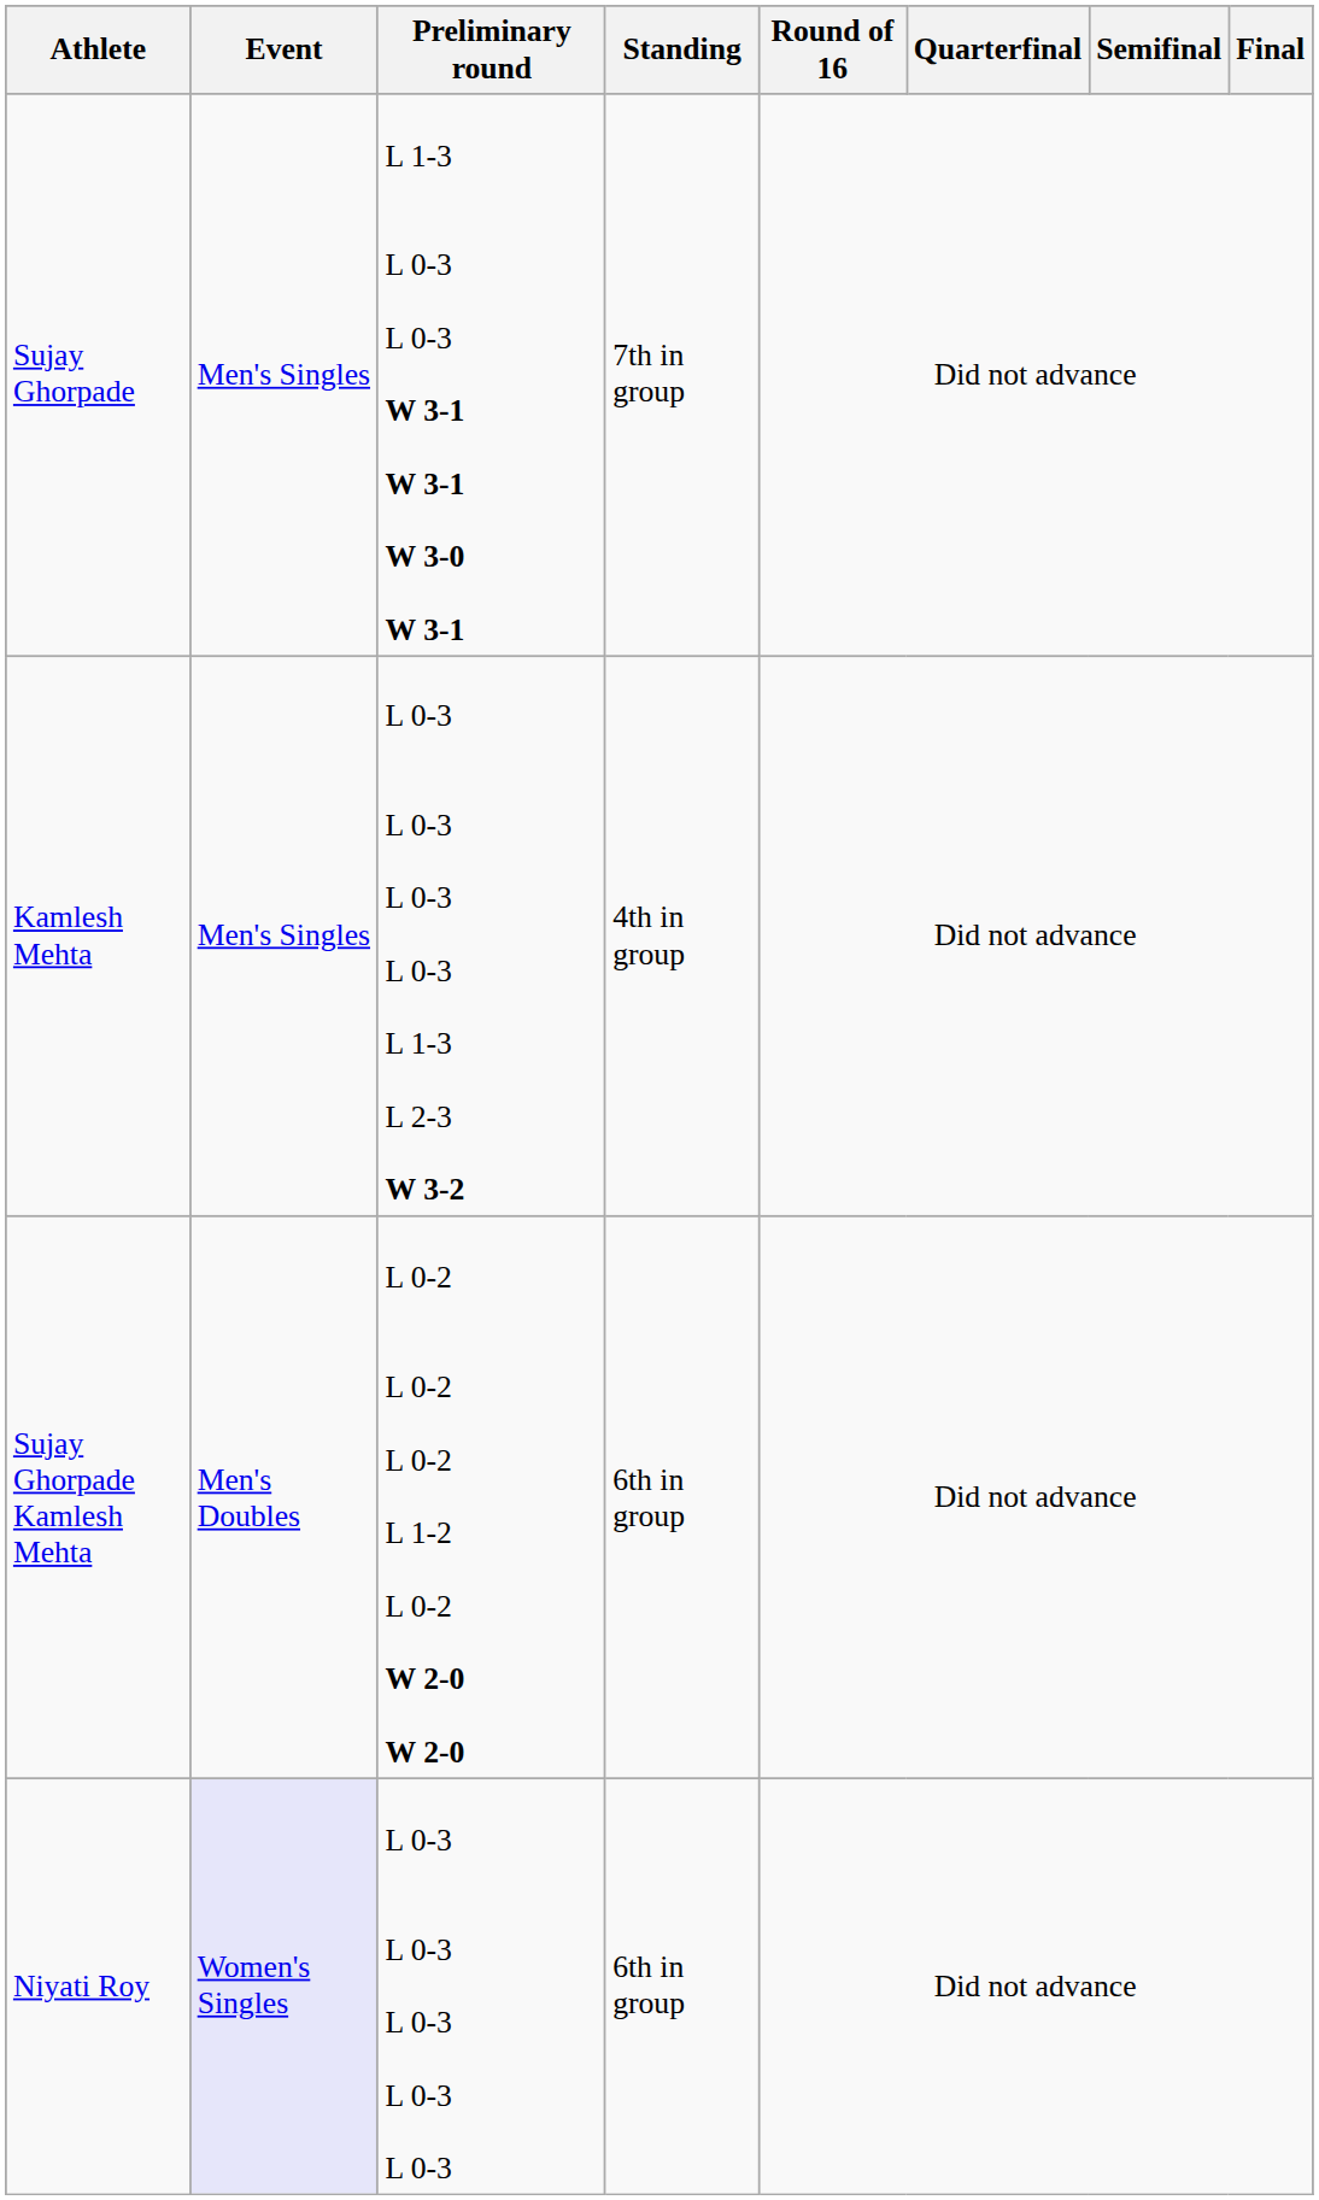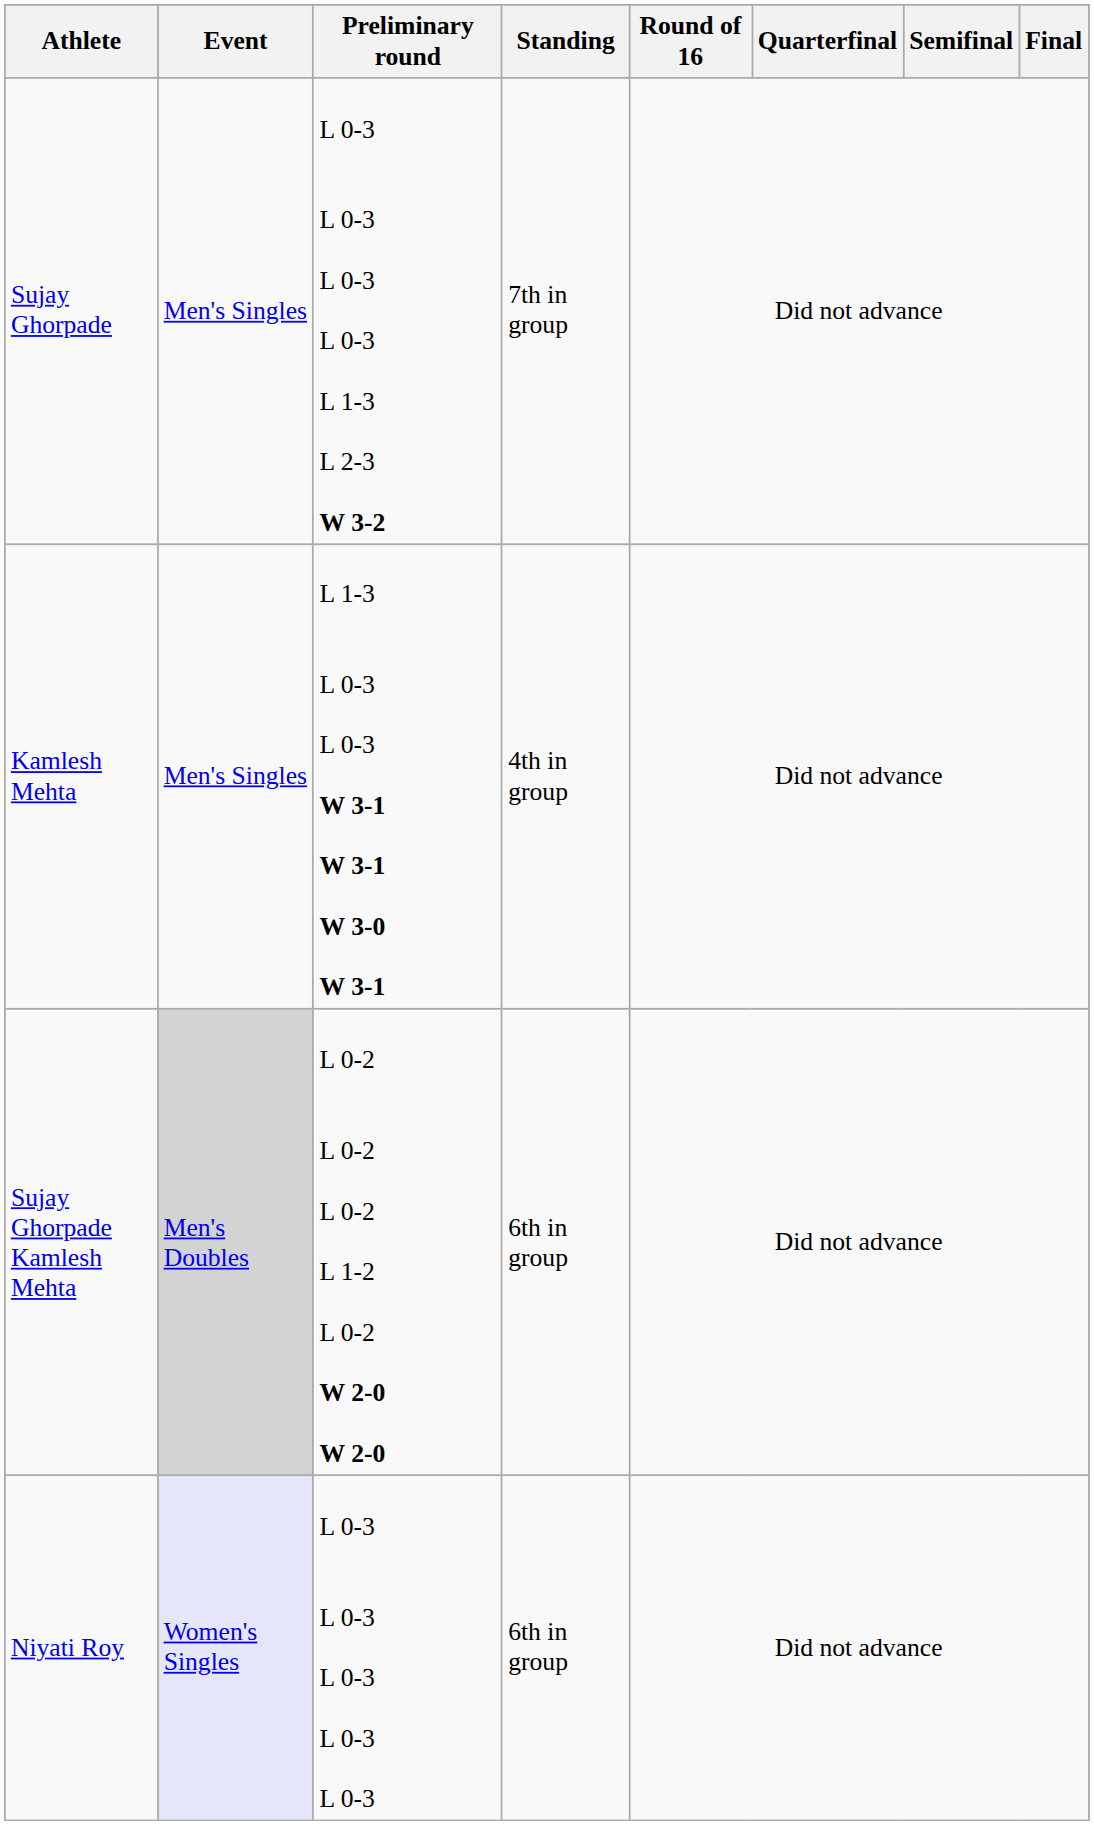 <table class=wikitable style="font-size:90%">
 <tr>
 <th>Athlete</th>
 <th>Event</th>
 <th>Preliminary round</th>
 <th>Standing</th>
 <th>Round of 16</th>
 <th>Quarterfinal</th>
 <th>Semifinal</th>
 <th>Final</th>
 </tr>
 <tr>
 <td><a href='#'>Sujay Ghorpade</a></td>
 <td><a href='#'>Men's Singles</a></td>
-<td> <br> L 1-3 <br><br> <br> L 0-3 <br>  <br> L 0-3 <br>  <br> <strong>W 3-1</strong> <br>  <br> <strong>W 3-1</strong> <br>  <br> <strong>W 3-0</strong> <br>  <br> <strong>W 3-1</strong></td>
+<td> <br> L 0-3 <br><br> <br> L 0-3 <br>  <br> L 0-3 <br>  <br> L 0-3 <br>  <br> L 1-3 <br>  <br> L 2-3 <br>  <br> <strong>W 3-2</strong></td>
 <td>7th in group</td>
 <td align=center colspan=4>Did not advance</td>
 </tr>
 <tr>
 <td><a href='#'>Kamlesh Mehta</a></td>
 <td><a href='#'>Men's Singles</a></td>
-<td> <br> L 0-3 <br><br> <br> L 0-3 <br>  <br> L 0-3 <br>  <br> L 0-3 <br>  <br> L 1-3 <br>  <br> L 2-3 <br>  <br> <strong>W 3-2</strong></td>
+<td> <br> L 1-3 <br><br> <br> L 0-3 <br>  <br> L 0-3 <br>  <br> <strong>W 3-1</strong> <br>  <br> <strong>W 3-1</strong> <br>  <br> <strong>W 3-0</strong> <br>  <br> <strong>W 3-1</strong></td>
 <td>4th in group</td>
 <td align=center colspan=4>Did not advance</td>
 </tr>
 <tr>
 <td><a href='#'>Sujay Ghorpade</a> <br> <a href='#'>Kamlesh Mehta</a></td>
-<td><a href='#'>Men's Doubles</a></td>
+<td style="background: lightgrey;"><a href='#'>Men's Doubles</a></td>
 <td> <br> L 0-2 <br><br> <br> L 0-2 <br>  <br> L 0-2 <br>  <br> L 1-2 <br>  <br> L 0-2 <br>  <br> <strong>W 2-0</strong> <br>  <br> <strong>W 2-0</strong></td>
 <td>6th in group</td>
 <td align=center colspan=4>Did not advance</td>
 </tr>
 <tr>
 <td><a href='#'>Niyati Roy</a></td>
 <td style="background: lavender;"><a href='#'>Women's Singles</a></td>
 <td> <br> L 0-3 <br><br> <br> L 0-3 <br>  <br> L 0-3 <br>  <br> L 0-3 <br>  <br> L 0-3 <br></td>
 <td>6th in group</td>
 <td align=center colspan=4>Did not advance</td>
 </tr>
 </table>
